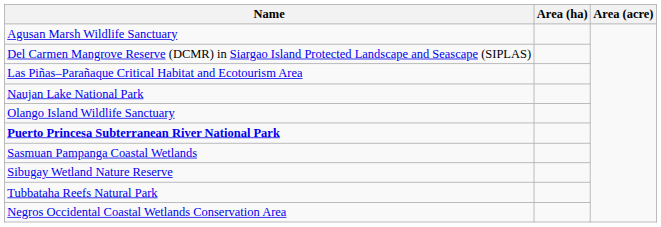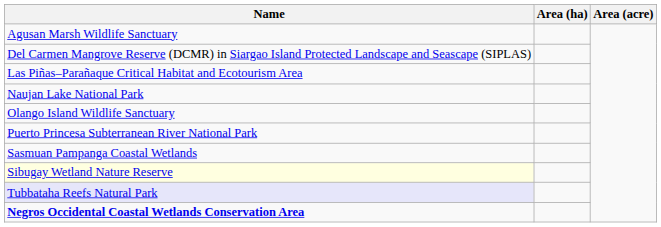 <table class="wikitable sortable">
 <tr>
 <th scope="col" align=left>Name</th>
 <th scope="col">Area (ha)</th>
 <th scope="col">Area (acre)</th>
 </tr>
 <tr ---->
 <td><a href='#'>Agusan Marsh Wildlife Sanctuary</a></td>
 <td></td>
 </tr>
 <tr ---->
 <td><a href='#'>Del Carmen Mangrove Reserve</a> (DCMR) in <a href='#'>Siargao Island Protected Landscape and Seascape</a> (SIPLAS)</td>
 <td></td>
 </tr>
 <tr ---->
 <td><a href='#'>Las Piñas–Parañaque Critical Habitat and Ecotourism Area </a></td>
 <td></td>
 </tr>
 <tr ---->
 <td><a href='#'>Naujan Lake National Park</a></td>
 <td></td>
 </tr>
 <tr ---->
 <td><a href='#'>Olango Island Wildlife Sanctuary</a></td>
 <td></td>
 </tr>
 <tr ---->
-<td><strong><a href='#'>Puerto Princesa Subterranean River National Park</a></strong></td>
+<td><a href='#'>Puerto Princesa Subterranean River National Park</a></td>
 <td></td>
 </tr>
 <tr ---->
 <td><a href='#'>Sasmuan Pampanga Coastal Wetlands</a></td>
 <td></td>
 </tr>
 <tr ---->
-<td><a href='#'>Sibugay Wetland Nature Reserve</a></td>
+<td style="background: lightyellow;"><a href='#'>Sibugay Wetland Nature Reserve</a></td>
 <td></td>
 </tr>
 <tr ---->
-<td><a href='#'>Tubbataha Reefs Natural Park</a></td>
+<td style="background: lavender;"><a href='#'>Tubbataha Reefs Natural Park</a></td>
 <td></td>
 </tr>
 <tr ---->
-<td><a href='#'>Negros Occidental Coastal Wetlands Conservation Area</a></td>
+<td><strong><a href='#'>Negros Occidental Coastal Wetlands Conservation Area</a></strong></td>
 <td></td>
 </tr>
 </table>
